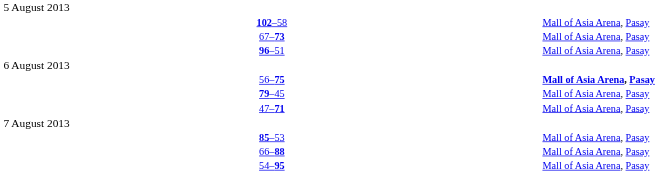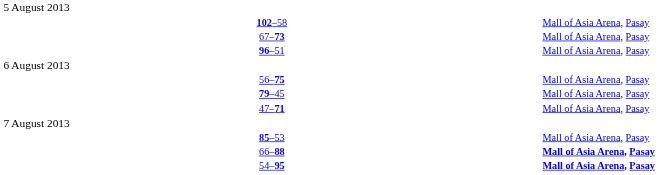 <table style="width:100%;" cellspacing="1">
 <tr>
 <th width=25%></th>
 <th width=2%></th>
 <th width=6%></th>
 <th width=2%></th>
 <th width=25%></th>
 </tr>
 <tr>
 <td>5 August 2013</td>
 </tr>
 <tr style=font-size:90%>
 <td align=right><strong></strong></td>
 <td></td>
 <td align=center><a href='#'><strong>102</strong>–58</a></td>
 <td></td>
 <td></td>
 <td><a href='#'>Mall of Asia Arena</a>, <a href='#'>Pasay</a></td>
 </tr>
 <tr style=font-size:90%>
 <td align=right></td>
 <td></td>
 <td align=center><a href='#'>67–<strong>73</strong></a></td>
 <td></td>
 <td><strong></strong></td>
 <td><a href='#'>Mall of Asia Arena</a>, <a href='#'>Pasay</a></td>
 </tr>
 <tr style=font-size:90%>
 <td align=right><strong></strong></td>
 <td></td>
 <td align=center><a href='#'><strong>96</strong>–51</a></td>
 <td></td>
 <td></td>
 <td><a href='#'>Mall of Asia Arena</a>, <a href='#'>Pasay</a></td>
 </tr>
 <tr>
 <td>6 August 2013</td>
 </tr>
 <tr style=font-size:90%>
 <td align=right></td>
 <td></td>
 <td align=center><a href='#'>56–<strong>75</strong></a></td>
 <td></td>
 <td><strong></strong></td>
-<td><strong><a href='#'>Mall of Asia Arena</a>, <a href='#'>Pasay</a></strong></td>
+<td><a href='#'>Mall of Asia Arena</a>, <a href='#'>Pasay</a></td>
 </tr>
 <tr style=font-size:90%>
 <td align=right><strong></strong></td>
 <td></td>
 <td align="center"><a href='#'><strong>79</strong>–45</a></td>
 <td></td>
 <td></td>
 <td><a href='#'>Mall of Asia Arena</a>, <a href='#'>Pasay</a></td>
 </tr>
 <tr style=font-size:90%>
 <td align=right></td>
 <td></td>
 <td align=center><a href='#'>47–<strong>71</strong></a></td>
 <td></td>
 <td><strong></strong></td>
 <td><a href='#'>Mall of Asia Arena</a>, <a href='#'>Pasay</a></td>
 </tr>
 <tr>
 <td>7 August 2013</td>
 </tr>
 <tr style=font-size:90%>
 <td align=right><strong></strong></td>
 <td></td>
 <td align="center"><a href='#'><strong>85</strong>–53</a></td>
 <td></td>
 <td></td>
 <td><a href='#'>Mall of Asia Arena</a>, <a href='#'>Pasay</a></td>
 </tr>
 <tr style=font-size:90%>
 <td align=right></td>
 <td></td>
 <td align=center><a href='#'>66–<strong>88</strong></a></td>
 <td></td>
 <td><strong></strong></td>
-<td><a href='#'>Mall of Asia Arena</a>, <a href='#'>Pasay</a></td>
+<td><strong><a href='#'>Mall of Asia Arena</a>, <a href='#'>Pasay</a></strong></td>
 </tr>
 <tr style=font-size:90%>
 <td align=right></td>
 <td></td>
 <td align=center><a href='#'>54–<strong>95</strong></a></td>
 <td></td>
 <td><strong></strong></td>
-<td><a href='#'>Mall of Asia Arena</a>, <a href='#'>Pasay</a></td>
+<td><strong><a href='#'>Mall of Asia Arena</a>, <a href='#'>Pasay</a></strong></td>
 </tr>
 </table>
